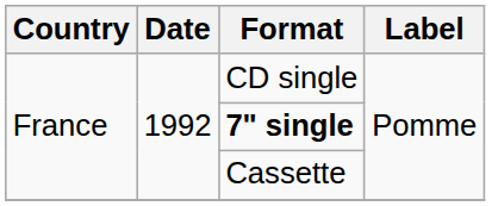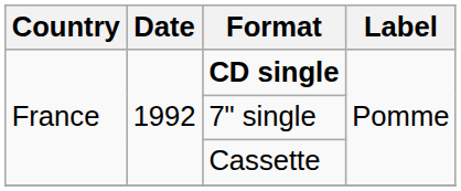 <table class=wikitable>
 <tr>
 <th>Country</th>
 <th>Date</th>
 <th>Format</th>
 <th>Label</th>
 </tr>
 <tr>
 <td rowspan="3">France</td>
 <td rowspan="3">1992</td>
-<td>CD single</td>
+<td><strong>CD single</strong></td>
 <td rowspan="3">Pomme</td>
 </tr>
 <tr>
-<td><strong>7" single</strong></td>
+<td>7" single</td>
 </tr>
 <tr>
 <td>Cassette</td>
 </tr>
 <tr>
 </tr>
 </table>
